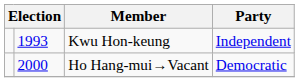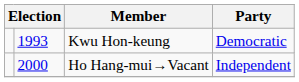 <table class="wikitable">
 <tr>
 <th colspan="2">Election</th>
 <th>Member</th>
 <th>Party</th>
 </tr>
 <tr>
 <td style="color:inherit;background:"></td>
 <td><a href='#'>1993</a></td>
 <td>Kwu Hon-keung</td>
-<td><a href='#'>Independent</a></td>
+<td><a href='#'>Democratic</a></td>
 </tr>
 <tr>
 <td style="color:inherit;background:"></td>
 <td><a href='#'>2000</a></td>
 <td>Ho Hang-mui→Vacant</td>
-<td><a href='#'>Democratic</a></td>
+<td><a href='#'>Independent</a></td>
 </tr>
 <tr>
 </tr>
 </table>
